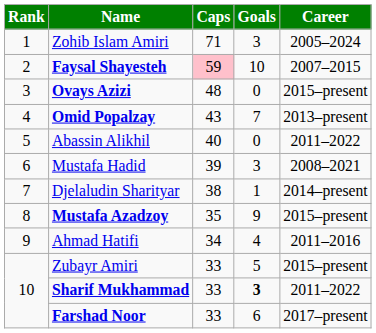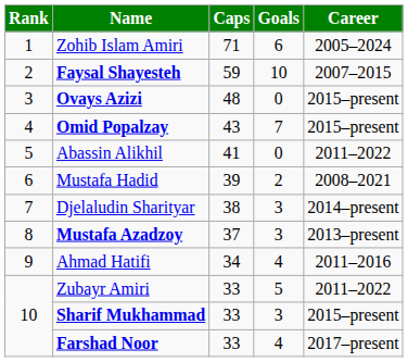 <table class="wikitable sortable" style="text-align:center">
 <tr>
 <th style="background:green; color:#FFF; ">Rank</th>
 <th style="background:green; color:#FFF; ">Name</th>
 <th style="background:green; color:#FFF; ">Caps</th>
 <th style="background:green; color:#FFF; ">Goals</th>
 <th style="background:green; color:#FFF; ">Career</th>
 </tr>
 <tr>
 <td>1</td>
 <td style="text-align:left"><a href='#'>Zohib Islam Amiri</a></td>
 <td>71</td>
-<td>3</td>
+<td>6</td>
 <td>2005–2024</td>
 </tr>
 <tr>
 <td>2</td>
 <td style="text-align:left"><strong><a href='#'>Faysal Shayesteh</a></strong></td>
-<td style="background: pink;">59</td>
+<td>59</td>
 <td>10</td>
 <td>2007–2015</td>
 </tr>
 <tr>
 <td>3</td>
 <td style="text-align:left"><strong><a href='#'>Ovays Azizi</a></strong></td>
 <td>48</td>
 <td>0</td>
 <td>2015–present</td>
 </tr>
 <tr>
 <td>4</td>
 <td style="text-align:left"><strong><a href='#'>Omid Popalzay</a></strong></td>
 <td>43</td>
 <td>7</td>
-<td>2013–present</td>
+<td>2015–present</td>
 </tr>
 <tr>
 <td>5</td>
 <td style="text-align:left"><a href='#'>Abassin Alikhil</a></td>
-<td>40</td>
+<td>41</td>
 <td>0</td>
 <td>2011–2022</td>
 </tr>
 <tr>
 <td>6</td>
 <td style="text-align:left"><a href='#'>Mustafa Hadid</a></td>
 <td>39</td>
-<td>3</td>
+<td>2</td>
 <td>2008–2021</td>
 </tr>
 <tr>
 <td>7</td>
 <td style="text-align:left"><a href='#'>Djelaludin Sharityar</a></td>
 <td>38</td>
-<td>1</td>
+<td>3</td>
 <td>2014–present</td>
 </tr>
 <tr>
 <td>8</td>
 <td style="text-align:left"><strong><a href='#'>Mustafa Azadzoy</a></strong></td>
-<td>35</td>
-<td>9</td>
-<td>2015–present</td>
+<td>37</td>
+<td>3</td>
+<td>2013–present</td>
 </tr>
 <tr>
 <td>9</td>
 <td style="text-align:left"><a href='#'>Ahmad Hatifi</a></td>
 <td>34</td>
 <td>4</td>
 <td>2011–2016</td>
 </tr>
 <tr>
 <td rowspan="3">10</td>
 <td style="text-align:left"><a href='#'>Zubayr Amiri</a></td>
 <td>33</td>
 <td>5</td>
-<td>2015–present</td>
+<td>2011–2022</td>
 </tr>
 <tr>
 <td style="text-align:left"><strong><a href='#'>Sharif Mukhammad</a></strong></td>
 <td>33</td>
-<td><strong>3</strong></td>
-<td>2011–2022</td>
+<td>3</td>
+<td>2015–present</td>
 </tr>
 <tr>
 <td style="text-align:left"><strong><a href='#'>Farshad Noor</a></strong></td>
 <td>33</td>
-<td>6</td>
+<td>4</td>
 <td>2017–present</td>
 </tr>
 </table>
